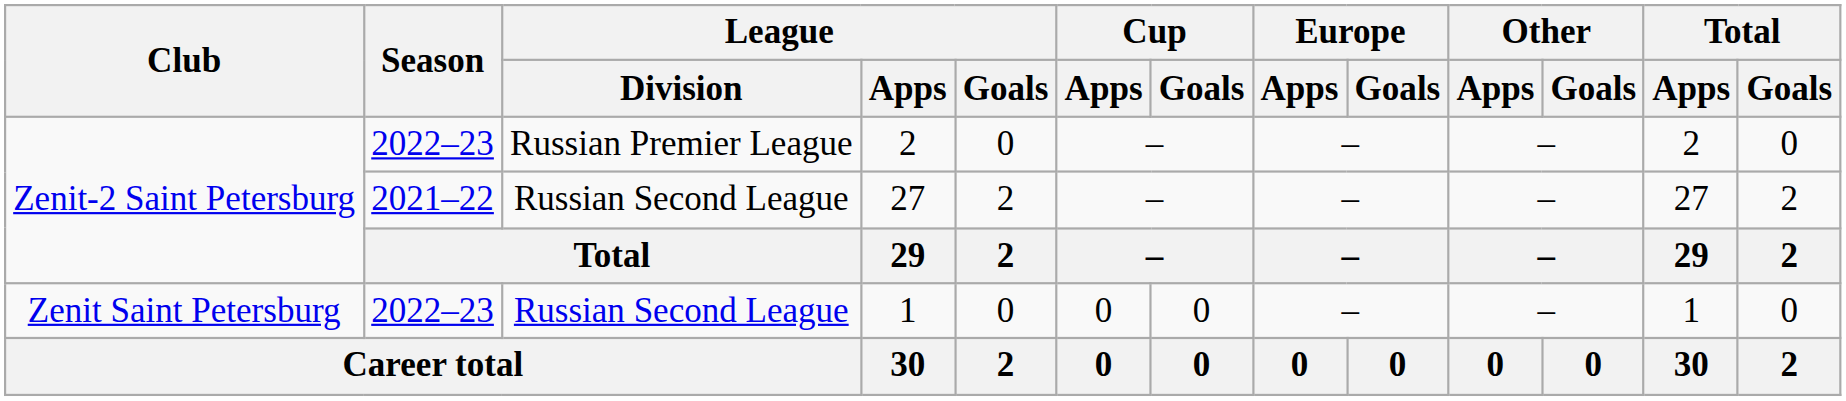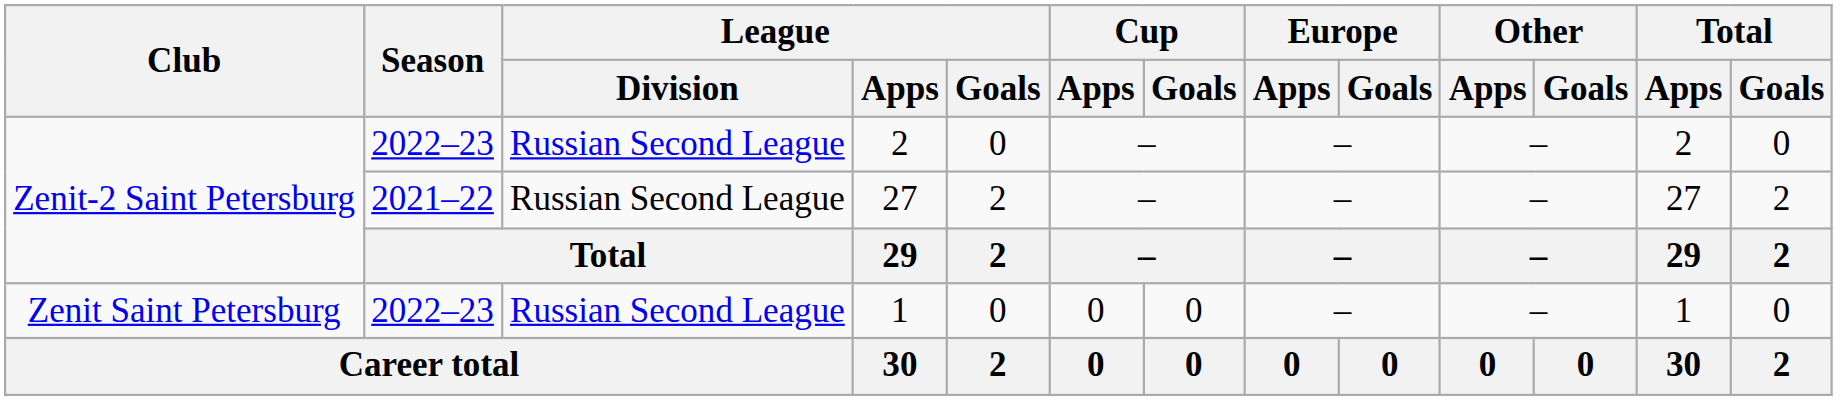 <table class="wikitable" style="text-align: center;">
 <tr>
 <th rowspan=2>Club</th>
 <th rowspan=2>Season</th>
 <th colspan=3>League</th>
 <th colspan=2>Cup</th>
 <th colspan=2>Europe</th>
 <th colspan=2>Other</th>
 <th colspan=2>Total</th>
 </tr>
 <tr>
 <th>Division</th>
 <th>Apps</th>
 <th>Goals</th>
 <th>Apps</th>
 <th>Goals</th>
 <th>Apps</th>
 <th>Goals</th>
 <th>Apps</th>
 <th>Goals</th>
 <th>Apps</th>
 <th>Goals</th>
 </tr>
 <tr>
 <td rowspan="3"><a href='#'>Zenit-2 Saint Petersburg</a></td>
 <td><a href='#'>2022–23</a></td>
-<td>Russian Premier League</td>
+<td><a href='#'>Russian Second League</a></td>
 <td>2</td>
 <td>0</td>
 <td colspan=2>–</td>
 <td colspan=2>–</td>
 <td colspan=2>–</td>
 <td>2</td>
 <td>0</td>
 </tr>
 <tr>
 <td><a href='#'>2021–22</a></td>
 <td>Russian Second League</td>
 <td>27</td>
 <td>2</td>
 <td colspan=2>–</td>
 <td colspan=2>–</td>
 <td colspan=2>–</td>
 <td>27</td>
 <td>2</td>
 </tr>
 <tr>
 <th colspan=2>Total</th>
 <th>29</th>
 <th>2</th>
 <th colspan=2>–</th>
 <th colspan=2>–</th>
 <th colspan=2>–</th>
 <th>29</th>
 <th>2</th>
 </tr>
 <tr>
 <td><a href='#'>Zenit Saint Petersburg</a></td>
 <td><a href='#'>2022–23</a></td>
 <td><a href='#'>Russian Second League</a></td>
 <td>1</td>
 <td>0</td>
 <td>0</td>
 <td>0</td>
 <td colspan=2>–</td>
 <td colspan=2>–</td>
 <td>1</td>
 <td>0</td>
 </tr>
 <tr>
 <th colspan=3>Career total</th>
 <th>30</th>
 <th>2</th>
 <th>0</th>
 <th>0</th>
 <th>0</th>
 <th>0</th>
 <th>0</th>
 <th>0</th>
 <th>30</th>
 <th>2</th>
 </tr>
 </table>
